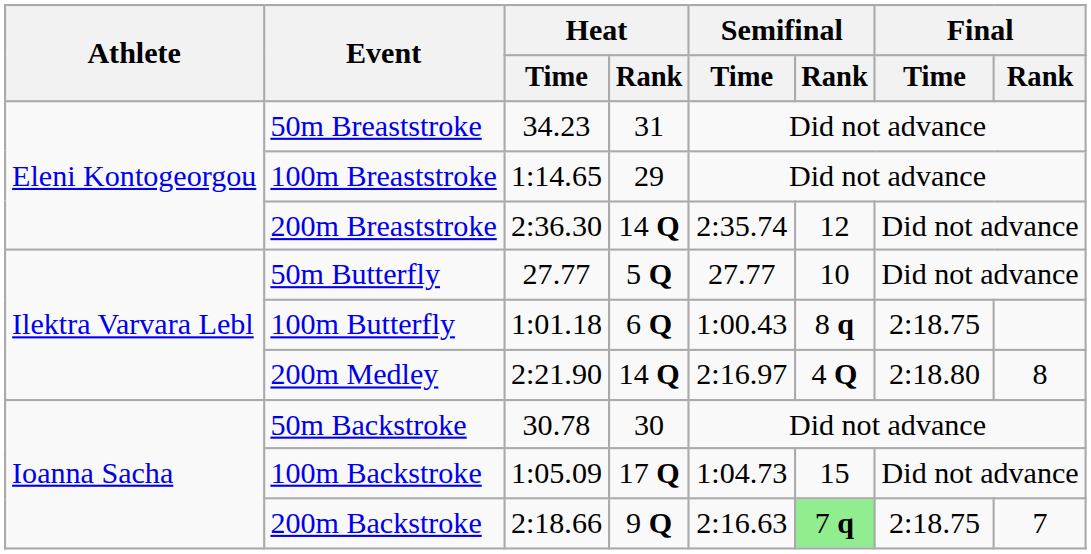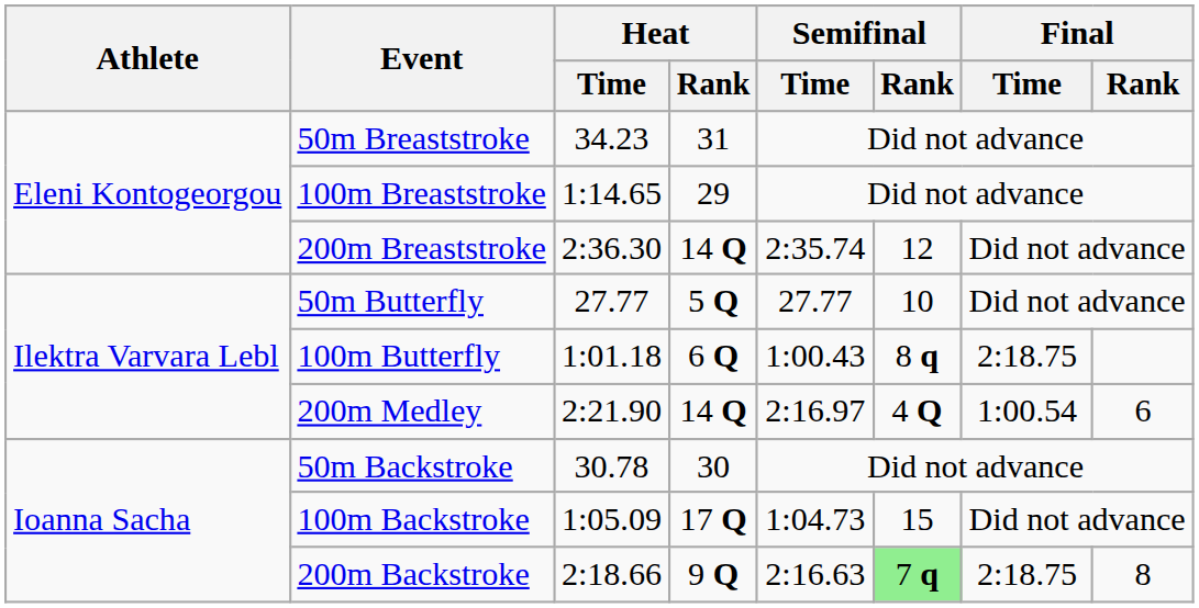 <table class=wikitable style="font-size:90%">
 <tr>
 <th rowspan="2">Athlete</th>
 <th rowspan="2">Event</th>
 <th colspan="2">Heat</th>
 <th colspan="2">Semifinal</th>
 <th colspan="2">Final</th>
 </tr>
 <tr style="font-size:95%">
 <th>Time</th>
 <th>Rank</th>
 <th>Time</th>
 <th>Rank</th>
 <th>Time</th>
 <th>Rank</th>
 </tr>
 <tr align=center>
 <td align=left rowspan=3><a href='#'>Eleni Kontogeorgou</a></td>
 <td align=left><a href='#'>50m Breaststroke</a></td>
 <td>34.23</td>
 <td>31</td>
 <td colspan=4>Did not advance</td>
 </tr>
 <tr align=center>
 <td align=left><a href='#'>100m Breaststroke</a></td>
 <td>1:14.65</td>
 <td>29</td>
 <td colspan=4>Did not advance</td>
 </tr>
 <tr align=center>
 <td align=left><a href='#'>200m Breaststroke</a></td>
 <td>2:36.30</td>
 <td>14 <strong>Q</strong></td>
 <td>2:35.74</td>
 <td>12</td>
 <td colspan=2>Did not advance</td>
 </tr>
 <tr align=center>
 <td align=left rowspan=3><a href='#'>Ilektra Varvara Lebl</a></td>
 <td align=left><a href='#'>50m Butterfly</a></td>
 <td>27.77</td>
 <td>5 <strong>Q</strong></td>
 <td>27.77</td>
 <td>10</td>
 <td colspan=2>Did not advance</td>
 </tr>
 <tr align=center>
 <td align=left><a href='#'>100m  Butterfly</a></td>
 <td>1:01.18</td>
 <td>6 <strong>Q</strong></td>
 <td>1:00.43</td>
 <td>8 <strong>q</strong></td>
 <td>2:18.75</td>
 <td></td>
 </tr>
 <tr align=center>
 <td align=left><a href='#'>200m  Medley</a></td>
 <td>2:21.90</td>
 <td>14 <strong>Q</strong></td>
 <td>2:16.97</td>
 <td>4 <strong>Q</strong></td>
-<td>2:18.80</td>
-<td>8</td>
+<td>1:00.54</td>
+<td>6</td>
 </tr>
 <tr align=center>
 <td align=left rowspan=3><a href='#'>Ioanna Sacha</a></td>
 <td align=left><a href='#'>50m Backstroke</a></td>
 <td>30.78</td>
 <td>30</td>
 <td colspan=4>Did not advance</td>
 </tr>
 <tr align=center>
 <td align=left><a href='#'>100m Backstroke</a></td>
 <td>1:05.09</td>
 <td>17 <strong>Q</strong></td>
 <td>1:04.73</td>
 <td>15</td>
 <td colspan=2>Did not advance</td>
 </tr>
 <tr align=center>
 <td align=left><a href='#'>200m Backstroke</a></td>
 <td>2:18.66</td>
 <td>9 <strong>Q</strong></td>
 <td>2:16.63</td>
 <td style="background: lightgreen;">7 <strong>q</strong></td>
 <td>2:18.75</td>
-<td>7</td>
+<td>8</td>
 </tr>
 </table>
